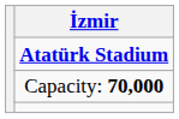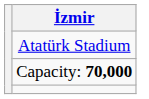 <table class="wikitable" style="text-align:center">
 <tr>
 <th rowspan=4></th>
 <th><a href='#'>İzmir</a></th>
 </tr>
 <tr>
-<td><strong><a href='#'>Atatürk Stadium</a></strong></td>
+<td><a href='#'>Atatürk Stadium</a></td>
 </tr>
 <tr>
 <td>Capacity: <strong>70,000</strong></td>
 </tr>
 <tr>
 <td></td>
 </tr>
 </table>
